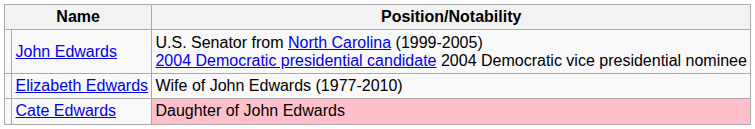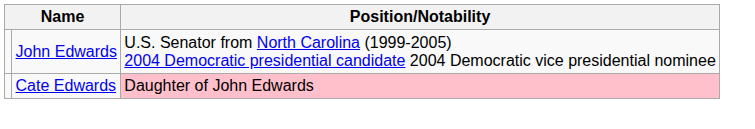 <table class="wikitable">
 <tr>
 <th colspan="2">Name</th>
 <th>Position/Notability</th>
 </tr>
 <tr>
 <td></td>
 <td><a href='#'>John Edwards</a></td>
 <td>U.S. Senator from <a href='#'>North Carolina</a> (1999-2005)<br><a href='#'>2004 Democratic presidential candidate</a> 2004 Democratic vice presidential nominee</td>
 </tr>
 <tr>
 <td></td>
-<td><a href='#'>Elizabeth Edwards</a></td>
-<td>Wife of John Edwards (1977-2010)</td>
-</tr>
-<tr>
-<td></td>
 <td><a href='#'>Cate Edwards</a></td>
 <td style="background: pink;">Daughter of John Edwards</td>
 </tr>
 </table>
